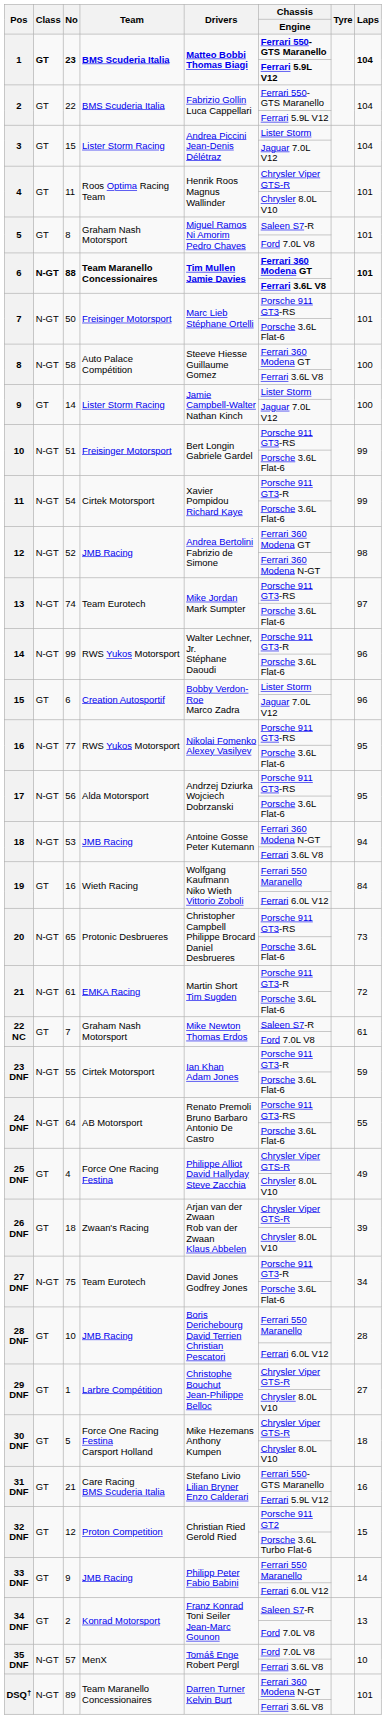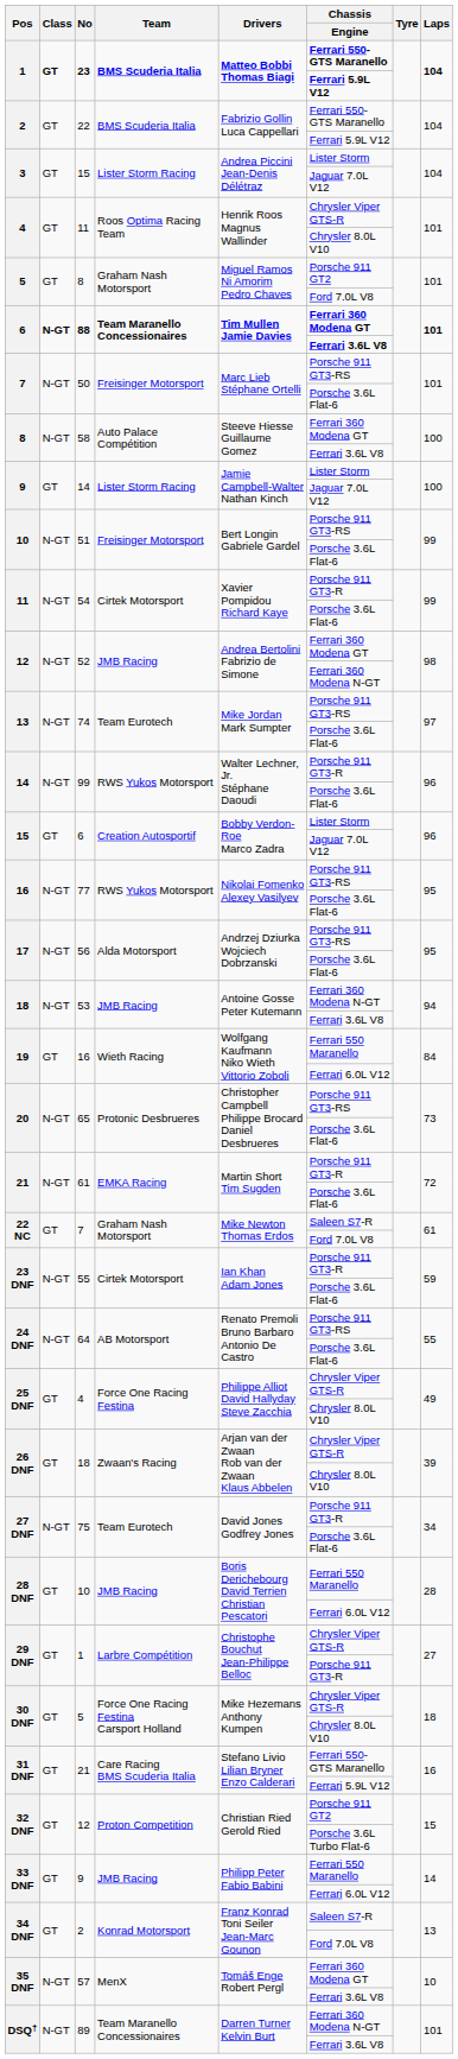 <table class="wikitable" style="font-size: 95%;">
 <tr>
 <th rowspan=2>Pos</th>
 <th rowspan=2>Class</th>
 <th rowspan=2>No</th>
 <th rowspan=2>Team</th>
 <th rowspan=2>Drivers</th>
 <th>Chassis</th>
 <th rowspan=2>Tyre</th>
 <th rowspan=2>Laps</th>
 </tr>
 <tr>
 <th>Engine</th>
 </tr>
 <tr style="font-weight:bold">
 <th rowspan=2>1</th>
 <td rowspan=2>GT</td>
 <td rowspan=2>23</td>
 <td rowspan=2> <a href='#'>BMS Scuderia Italia</a></td>
 <td rowspan=2> <a href='#'>Matteo Bobbi</a><br> <a href='#'>Thomas Biagi</a></td>
 <td><a href='#'>Ferrari 550</a>-GTS Maranello</td>
 <td rowspan=2></td>
 <td rowspan=2>104</td>
 </tr>
 <tr style="font-weight:bold">
 <td><a href='#'>Ferrari</a> 5.9L V12</td>
 </tr>
 <tr>
 <th rowspan=2>2</th>
 <td rowspan=2>GT</td>
 <td rowspan=2>22</td>
 <td rowspan=2> <a href='#'>BMS Scuderia Italia</a></td>
 <td rowspan=2> <a href='#'>Fabrizio Gollin</a><br> Luca Cappellari</td>
 <td><a href='#'>Ferrari 550</a>-GTS Maranello</td>
 <td rowspan=2></td>
 <td rowspan=2>104</td>
 </tr>
 <tr>
 <td><a href='#'>Ferrari</a> 5.9L V12</td>
 </tr>
 <tr>
 <th rowspan=2>3</th>
 <td rowspan=2>GT</td>
 <td rowspan=2>15</td>
 <td rowspan=2> <a href='#'>Lister Storm Racing</a></td>
 <td rowspan=2> <a href='#'>Andrea Piccini</a><br> <a href='#'>Jean-Denis Délétraz</a></td>
 <td><a href='#'>Lister Storm</a></td>
 <td rowspan=2></td>
 <td rowspan=2>104</td>
 </tr>
 <tr>
 <td><a href='#'>Jaguar</a> 7.0L V12</td>
 </tr>
 <tr>
 <th rowspan=2>4</th>
 <td rowspan=2>GT</td>
 <td rowspan=2>11</td>
 <td rowspan=2> Roos <a href='#'>Optima</a> Racing Team</td>
 <td rowspan=2> Henrik Roos<br> Magnus Wallinder</td>
 <td><a href='#'>Chrysler Viper GTS-R</a></td>
 <td rowspan=2></td>
 <td rowspan=2>101</td>
 </tr>
 <tr>
 <td><a href='#'>Chrysler</a> 8.0L V10</td>
 </tr>
 <tr>
 <th rowspan=2>5</th>
 <td rowspan=2>GT</td>
 <td rowspan=2>8</td>
 <td rowspan=2> Graham Nash Motorsport</td>
 <td rowspan=2> <a href='#'>Miguel Ramos</a><br> <a href='#'>Ni Amorim</a><br> <a href='#'>Pedro Chaves</a></td>
-<td><a href='#'>Saleen S7</a>-R</td>
+<td><a href='#'>Porsche 911 GT2</a></td>
 <td rowspan=2></td>
 <td rowspan=2>101</td>
 </tr>
 <tr>
 <td><a href='#'>Ford</a> 7.0L V8</td>
 </tr>
 <tr style="font-weight:bold">
 <th rowspan=2>6</th>
 <td rowspan=2>N-GT</td>
 <td rowspan=2>88</td>
 <td rowspan=2> Team Maranello Concessionaires</td>
 <td rowspan=2> <a href='#'>Tim Mullen</a><br> <a href='#'>Jamie Davies</a></td>
 <td><a href='#'>Ferrari 360 Modena</a> GT</td>
 <td rowspan=2></td>
 <td rowspan=2>101</td>
 </tr>
 <tr style="font-weight:bold">
 <td><a href='#'>Ferrari</a> 3.6L V8</td>
 </tr>
 <tr>
 <th rowspan=2>7</th>
 <td rowspan=2>N-GT</td>
 <td rowspan=2>50</td>
 <td rowspan=2> <a href='#'>Freisinger Motorsport</a></td>
 <td rowspan=2> <a href='#'>Marc Lieb</a><br> <a href='#'>Stéphane Ortelli</a></td>
 <td><a href='#'>Porsche 911 GT3</a>-RS</td>
 <td rowspan=2></td>
 <td rowspan=2>101</td>
 </tr>
 <tr>
 <td><a href='#'>Porsche</a> 3.6L Flat-6</td>
 </tr>
 <tr>
 <th rowspan=2>8</th>
 <td rowspan=2>N-GT</td>
 <td rowspan=2>58</td>
 <td rowspan=2> Auto Palace Compétition</td>
 <td rowspan=2> Steeve Hiesse<br> Guillaume Gomez</td>
 <td><a href='#'>Ferrari 360 Modena</a> GT</td>
 <td rowspan=2></td>
 <td rowspan=2>100</td>
 </tr>
 <tr>
 <td><a href='#'>Ferrari</a> 3.6L V8</td>
 </tr>
 <tr>
 <th rowspan=2>9</th>
 <td rowspan=2>GT</td>
 <td rowspan=2>14</td>
 <td rowspan=2> <a href='#'>Lister Storm Racing</a></td>
 <td rowspan=2> <a href='#'>Jamie Campbell-Walter</a><br> Nathan Kinch</td>
 <td><a href='#'>Lister Storm</a></td>
 <td rowspan=2></td>
 <td rowspan=2>100</td>
 </tr>
 <tr>
 <td><a href='#'>Jaguar</a> 7.0L V12</td>
 </tr>
 <tr>
 <th rowspan=2>10</th>
 <td rowspan=2>N-GT</td>
 <td rowspan=2>51</td>
 <td rowspan=2> <a href='#'>Freisinger Motorsport</a></td>
 <td rowspan=2> Bert Longin<br> Gabriele Gardel</td>
 <td><a href='#'>Porsche 911 GT3</a>-RS</td>
 <td rowspan=2></td>
 <td rowspan=2>99</td>
 </tr>
 <tr>
 <td><a href='#'>Porsche</a> 3.6L Flat-6</td>
 </tr>
 <tr>
 <th rowspan=2>11</th>
 <td rowspan=2>N-GT</td>
 <td rowspan=2>54</td>
 <td rowspan=2> Cirtek Motorsport</td>
 <td rowspan=2> Xavier Pompidou<br> <a href='#'>Richard Kaye</a></td>
 <td><a href='#'>Porsche 911 GT3</a>-R</td>
 <td rowspan=2></td>
 <td rowspan=2>99</td>
 </tr>
 <tr>
 <td><a href='#'>Porsche</a> 3.6L Flat-6</td>
 </tr>
 <tr>
 <th rowspan=2>12</th>
 <td rowspan=2>N-GT</td>
 <td rowspan=2>52</td>
 <td rowspan=2> <a href='#'>JMB Racing</a></td>
 <td rowspan=2> <a href='#'>Andrea Bertolini</a><br> Fabrizio de Simone</td>
 <td><a href='#'>Ferrari 360 Modena</a> GT</td>
 <td rowspan=2></td>
 <td rowspan=2>98</td>
 </tr>
 <tr>
 <td><a href='#'>Ferrari 360 Modena</a> N-GT</td>
 </tr>
 <tr>
 <th rowspan=2>13</th>
 <td rowspan=2>N-GT</td>
 <td rowspan=2>74</td>
 <td rowspan=2> Team Eurotech</td>
 <td rowspan=2> <a href='#'>Mike Jordan</a><br> Mark Sumpter</td>
 <td><a href='#'>Porsche 911 GT3</a>-RS</td>
 <td rowspan=2></td>
 <td rowspan=2>97</td>
 </tr>
 <tr>
 <td><a href='#'>Porsche</a> 3.6L Flat-6</td>
 </tr>
 <tr>
 <th rowspan=2>14</th>
 <td rowspan=2>N-GT</td>
 <td rowspan=2>99</td>
 <td rowspan=2> RWS <a href='#'>Yukos</a> Motorsport</td>
 <td rowspan=2> Walter Lechner, Jr.<br> Stéphane Daoudi</td>
 <td><a href='#'>Porsche 911 GT3</a>-R</td>
 <td rowspan=2></td>
 <td rowspan=2>96</td>
 </tr>
 <tr>
 <td><a href='#'>Porsche</a> 3.6L Flat-6</td>
 </tr>
 <tr>
 <th rowspan=2>15</th>
 <td rowspan=2>GT</td>
 <td rowspan=2>6</td>
 <td rowspan=2> <a href='#'>Creation Autosportif</a></td>
 <td rowspan=2> <a href='#'>Bobby Verdon-Roe</a><br> Marco Zadra</td>
 <td><a href='#'>Lister Storm</a></td>
 <td rowspan=2></td>
 <td rowspan=2>96</td>
 </tr>
 <tr>
 <td><a href='#'>Jaguar</a> 7.0L V12</td>
 </tr>
 <tr>
 <th rowspan=2>16</th>
 <td rowspan=2>N-GT</td>
 <td rowspan=2>77</td>
 <td rowspan=2> RWS <a href='#'>Yukos</a> Motorsport</td>
 <td rowspan=2> <a href='#'>Nikolai Fomenko</a><br> <a href='#'>Alexey Vasilyev</a></td>
 <td><a href='#'>Porsche 911 GT3</a>-RS</td>
 <td rowspan=2></td>
 <td rowspan=2>95</td>
 </tr>
 <tr>
 <td><a href='#'>Porsche</a> 3.6L Flat-6</td>
 </tr>
 <tr>
 <th rowspan=2>17</th>
 <td rowspan=2>N-GT</td>
 <td rowspan=2>56</td>
 <td rowspan=2> Alda Motorsport</td>
 <td rowspan=2> Andrzej Dziurka<br> Wojciech Dobrzanski</td>
 <td><a href='#'>Porsche 911 GT3</a>-RS</td>
 <td rowspan=2></td>
 <td rowspan=2>95</td>
 </tr>
 <tr>
 <td><a href='#'>Porsche</a> 3.6L Flat-6</td>
 </tr>
 <tr>
 <th rowspan=2>18</th>
 <td rowspan=2>N-GT</td>
 <td rowspan=2>53</td>
 <td rowspan=2> <a href='#'>JMB Racing</a></td>
 <td rowspan=2> Antoine Gosse<br> Peter Kutemann</td>
 <td><a href='#'>Ferrari 360 Modena</a> N-GT</td>
 <td rowspan=2></td>
 <td rowspan=2>94</td>
 </tr>
 <tr>
 <td><a href='#'>Ferrari</a> 3.6L V8</td>
 </tr>
 <tr>
 <th rowspan=2>19</th>
 <td rowspan=2>GT</td>
 <td rowspan=2>16</td>
 <td rowspan=2> Wieth Racing</td>
 <td rowspan=2> Wolfgang Kaufmann<br> Niko Wieth<br> <a href='#'>Vittorio Zoboli</a></td>
 <td><a href='#'>Ferrari 550 Maranello</a></td>
 <td rowspan=2></td>
 <td rowspan=2>84</td>
 </tr>
 <tr>
 <td><a href='#'>Ferrari</a> 6.0L V12</td>
 </tr>
 <tr>
 <th rowspan=2>20</th>
 <td rowspan=2>N-GT</td>
 <td rowspan=2>65</td>
 <td rowspan=2> Protonic Desbrueres</td>
 <td rowspan=2> Christopher Campbell<br> Philippe Brocard<br> Daniel Desbrueres</td>
 <td><a href='#'>Porsche 911 GT3</a>-RS</td>
 <td rowspan=2></td>
 <td rowspan=2>73</td>
 </tr>
 <tr>
 <td><a href='#'>Porsche</a> 3.6L Flat-6</td>
 </tr>
 <tr>
 <th rowspan=2>21</th>
 <td rowspan=2>N-GT</td>
 <td rowspan=2>61</td>
 <td rowspan=2> <a href='#'>EMKA Racing</a></td>
 <td rowspan=2> Martin Short<br> <a href='#'>Tim Sugden</a></td>
 <td><a href='#'>Porsche 911 GT3</a>-R</td>
 <td rowspan=2></td>
 <td rowspan=2>72</td>
 </tr>
 <tr>
 <td><a href='#'>Porsche</a> 3.6L Flat-6</td>
 </tr>
 <tr>
 <th rowspan=2>22<br>NC</th>
 <td rowspan=2>GT</td>
 <td rowspan=2>7</td>
 <td rowspan=2> Graham Nash Motorsport</td>
 <td rowspan=2> <a href='#'>Mike Newton</a><br> <a href='#'>Thomas Erdos</a></td>
 <td><a href='#'>Saleen S7</a>-R</td>
 <td rowspan=2></td>
 <td rowspan=2>61</td>
 </tr>
 <tr>
 <td><a href='#'>Ford</a> 7.0L V8</td>
 </tr>
 <tr>
 <th rowspan=2>23<br>DNF</th>
 <td rowspan=2>N-GT</td>
 <td rowspan=2>55</td>
 <td rowspan=2> Cirtek Motorsport</td>
 <td rowspan=2> <a href='#'>Ian Khan</a><br> <a href='#'>Adam Jones</a></td>
 <td><a href='#'>Porsche 911 GT3</a>-R</td>
 <td rowspan=2></td>
 <td rowspan=2>59</td>
 </tr>
 <tr>
 <td><a href='#'>Porsche</a> 3.6L Flat-6</td>
 </tr>
 <tr>
 <th rowspan=2>24<br>DNF</th>
 <td rowspan=2>N-GT</td>
 <td rowspan=2>64</td>
 <td rowspan=2> AB Motorsport</td>
 <td rowspan=2> Renato Premoli<br> Bruno Barbaro<br> Antonio De Castro</td>
 <td><a href='#'>Porsche 911 GT3</a>-RS</td>
 <td rowspan=2></td>
 <td rowspan=2>55</td>
 </tr>
 <tr>
 <td><a href='#'>Porsche</a> 3.6L Flat-6</td>
 </tr>
 <tr>
 <th rowspan=2>25<br>DNF</th>
 <td rowspan=2>GT</td>
 <td rowspan=2>4</td>
 <td rowspan=2> Force One Racing <a href='#'>Festina</a></td>
 <td rowspan=2> <a href='#'>Philippe Alliot</a><br> <a href='#'>David Hallyday</a><br> <a href='#'>Steve Zacchia</a></td>
 <td><a href='#'>Chrysler Viper GTS-R</a></td>
 <td rowspan=2></td>
 <td rowspan=2>49</td>
 </tr>
 <tr>
 <td><a href='#'>Chrysler</a> 8.0L V10</td>
 </tr>
 <tr>
 <th rowspan=2>26<br>DNF</th>
 <td rowspan=2>GT</td>
 <td rowspan=2>18</td>
 <td rowspan=2> Zwaan's Racing</td>
 <td rowspan=2> Arjan van der Zwaan<br> Rob van der Zwaan<br> <a href='#'>Klaus Abbelen</a></td>
 <td><a href='#'>Chrysler Viper GTS-R</a></td>
 <td rowspan=2></td>
 <td rowspan=2>39</td>
 </tr>
 <tr>
 <td><a href='#'>Chrysler</a> 8.0L V10</td>
 </tr>
 <tr>
 <th rowspan=2>27<br>DNF</th>
 <td rowspan=2>N-GT</td>
 <td rowspan=2>75</td>
 <td rowspan=2> Team Eurotech</td>
 <td rowspan=2> David Jones<br> Godfrey Jones</td>
 <td><a href='#'>Porsche 911 GT3</a>-R</td>
 <td rowspan=2></td>
 <td rowspan=2>34</td>
 </tr>
 <tr>
 <td><a href='#'>Porsche</a> 3.6L Flat-6</td>
 </tr>
 <tr>
 <th rowspan=2>28<br>DNF</th>
 <td rowspan=2>GT</td>
 <td rowspan=2>10</td>
 <td rowspan=2> <a href='#'>JMB Racing</a></td>
 <td rowspan=2> <a href='#'>Boris Derichebourg</a><br> <a href='#'>David Terrien</a><br> <a href='#'>Christian Pescatori</a></td>
 <td><a href='#'>Ferrari 550 Maranello</a></td>
 <td rowspan=2></td>
 <td rowspan=2>28</td>
 </tr>
 <tr>
 <td><a href='#'>Ferrari</a> 6.0L V12</td>
 </tr>
 <tr>
 <th rowspan=2>29<br>DNF</th>
 <td rowspan=2>GT</td>
 <td rowspan=2>1</td>
 <td rowspan=2> <a href='#'>Larbre Compétition</a></td>
 <td rowspan=2> <a href='#'>Christophe Bouchut</a><br> <a href='#'>Jean-Philippe Belloc</a></td>
 <td><a href='#'>Chrysler Viper GTS-R</a></td>
 <td rowspan=2></td>
 <td rowspan=2>27</td>
 </tr>
 <tr>
-<td><a href='#'>Chrysler</a> 8.0L V10</td>
+<td><a href='#'>Porsche 911 GT3</a>-R</td>
 </tr>
 <tr>
 <th rowspan=2>30<br>DNF</th>
 <td rowspan=2>GT</td>
 <td rowspan=2>5</td>
 <td rowspan=2> Force One Racing <a href='#'>Festina</a><br> Carsport Holland</td>
 <td rowspan=2> Mike Hezemans<br> Anthony Kumpen</td>
 <td><a href='#'>Chrysler Viper GTS-R</a></td>
 <td rowspan=2></td>
 <td rowspan=2>18</td>
 </tr>
 <tr>
 <td><a href='#'>Chrysler</a> 8.0L V10</td>
 </tr>
 <tr>
 <th rowspan=2>31<br>DNF</th>
 <td rowspan=2>GT</td>
 <td rowspan=2>21</td>
 <td rowspan=2> Care Racing<br> <a href='#'>BMS Scuderia Italia</a></td>
 <td rowspan=2> Stefano Livio<br> <a href='#'>Lilian Bryner</a><br> <a href='#'>Enzo Calderari</a></td>
 <td><a href='#'>Ferrari 550</a>-GTS Maranello</td>
 <td rowspan=2></td>
 <td rowspan=2>16</td>
 </tr>
 <tr>
 <td><a href='#'>Ferrari</a> 5.9L V12</td>
 </tr>
 <tr>
 <th rowspan=2>32<br>DNF</th>
 <td rowspan=2>GT</td>
 <td rowspan=2>12</td>
 <td rowspan=2> <a href='#'>Proton Competition</a></td>
 <td rowspan=2> Christian Ried<br> Gerold Ried</td>
 <td><a href='#'>Porsche 911 GT2</a></td>
 <td rowspan=2></td>
 <td rowspan=2>15</td>
 </tr>
 <tr>
 <td><a href='#'>Porsche</a> 3.6L Turbo Flat-6</td>
 </tr>
 <tr>
 <th rowspan=2>33<br>DNF</th>
 <td rowspan=2>GT</td>
 <td rowspan=2>9</td>
 <td rowspan=2> <a href='#'>JMB Racing</a></td>
 <td rowspan=2> <a href='#'>Philipp Peter</a><br> <a href='#'>Fabio Babini</a></td>
 <td><a href='#'>Ferrari 550 Maranello</a></td>
 <td rowspan=2></td>
 <td rowspan=2>14</td>
 </tr>
 <tr>
 <td><a href='#'>Ferrari</a> 6.0L V12</td>
 </tr>
 <tr>
 <th rowspan=2>34<br>DNF</th>
 <td rowspan=2>GT</td>
 <td rowspan=2>2</td>
 <td rowspan=2> <a href='#'>Konrad Motorsport</a></td>
 <td rowspan=2> <a href='#'>Franz Konrad</a><br> Toni Seiler<br> <a href='#'>Jean-Marc Gounon</a></td>
 <td><a href='#'>Saleen S7</a>-R</td>
 <td rowspan=2></td>
 <td rowspan=2>13</td>
 </tr>
 <tr>
 <td><a href='#'>Ford</a> 7.0L V8</td>
 </tr>
 <tr>
 <th rowspan=2>35<br>DNF</th>
 <td rowspan=2>N-GT</td>
 <td rowspan=2>57</td>
 <td rowspan=2> MenX</td>
 <td rowspan=2> <a href='#'>Tomáš Enge</a><br> Robert Pergl</td>
-<td><a href='#'>Ford</a> 7.0L V8</td>
+<td><a href='#'>Ferrari 360 Modena</a> GT</td>
 <td rowspan=2></td>
 <td rowspan=2>10</td>
 </tr>
 <tr>
 <td><a href='#'>Ferrari</a> 3.6L V8</td>
 </tr>
 <tr>
 <th rowspan=2>DSQ<sup>†</sup></th>
 <td rowspan=2>N-GT</td>
 <td rowspan=2>89</td>
 <td rowspan=2> Team Maranello Concessionaires</td>
 <td rowspan=2> <a href='#'>Darren Turner</a><br> <a href='#'>Kelvin Burt</a></td>
 <td><a href='#'>Ferrari 360 Modena</a> N-GT</td>
 <td rowspan=2></td>
 <td rowspan=2>101</td>
 </tr>
 <tr>
 <td><a href='#'>Ferrari</a> 3.6L V8</td>
 </tr>
 </table>
